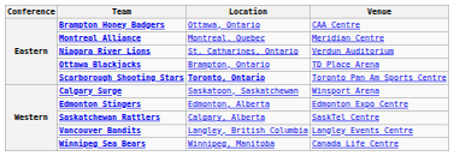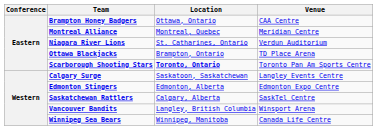 <table class="wikitable" style="font-size:85%">
 <tr>
 <th>Conference</th>
 <th>Team</th>
 <th>Location</th>
 <th>Venue</th>
 </tr>
 <tr>
 <th rowspan="5">Eastern</th>
 <td><strong><a href='#'>Brampton Honey Badgers</a></strong></td>
 <td><a href='#'>Ottawa, Ontario</a></td>
 <td><a href='#'>CAA Centre</a></td>
 </tr>
 <tr>
 <td><strong><a href='#'>Montreal Alliance</a></strong></td>
 <td><a href='#'>Montreal, Quebec</a></td>
 <td><a href='#'>Meridian Centre</a></td>
 </tr>
 <tr>
 <td><strong><a href='#'>Niagara River Lions</a></strong></td>
 <td><a href='#'>St. Catharines, Ontario</a></td>
 <td><a href='#'>Verdun Auditorium</a></td>
 </tr>
 <tr>
 <td><strong><a href='#'>Ottawa Blackjacks</a></strong></td>
 <td><a href='#'>Brampton, Ontario</a></td>
 <td><a href='#'>TD Place Arena</a></td>
 </tr>
 <tr>
 <td><strong><a href='#'>Scarborough Shooting Stars</a></strong></td>
 <td><strong><a href='#'>Toronto, Ontario</a></strong></td>
 <td><a href='#'>Toronto Pan Am Sports Centre</a></td>
 </tr>
 <tr>
 <th rowspan="5">Western</th>
 <td><strong><a href='#'>Calgary Surge</a></strong></td>
 <td><a href='#'>Saskatoon, Saskatchewan</a></td>
-<td><a href='#'>Winsport Arena</a></td>
+<td><a href='#'>Langley Events Centre</a></td>
 </tr>
 <tr>
 <td><strong><a href='#'>Edmonton Stingers</a></strong></td>
 <td><a href='#'>Edmonton, Alberta</a></td>
 <td><a href='#'>Edmonton Expo Centre</a></td>
 </tr>
 <tr>
 <td><strong><a href='#'>Saskatchewan Rattlers</a></strong></td>
 <td><a href='#'>Calgary, Alberta</a></td>
 <td><a href='#'>SaskTel Centre</a></td>
 </tr>
 <tr>
 <td><strong><a href='#'>Vancouver Bandits</a></strong></td>
 <td><a href='#'>Langley, British Columbia</a></td>
-<td><a href='#'>Langley Events Centre</a></td>
+<td><a href='#'>Winsport Arena</a></td>
 </tr>
 <tr>
 <td><strong><a href='#'>Winnipeg Sea Bears</a></strong></td>
 <td><a href='#'>Winnipeg, Manitoba</a></td>
 <td><a href='#'>Canada Life Centre</a></td>
 </tr>
 </table>
